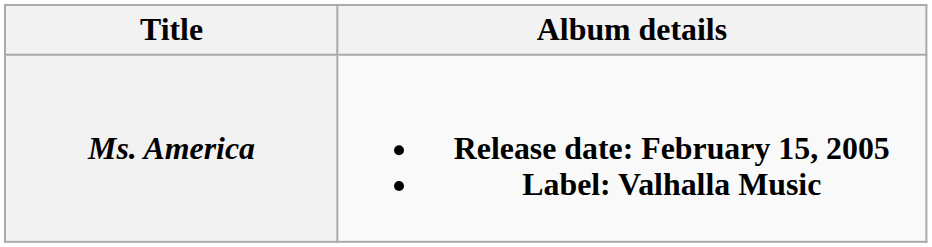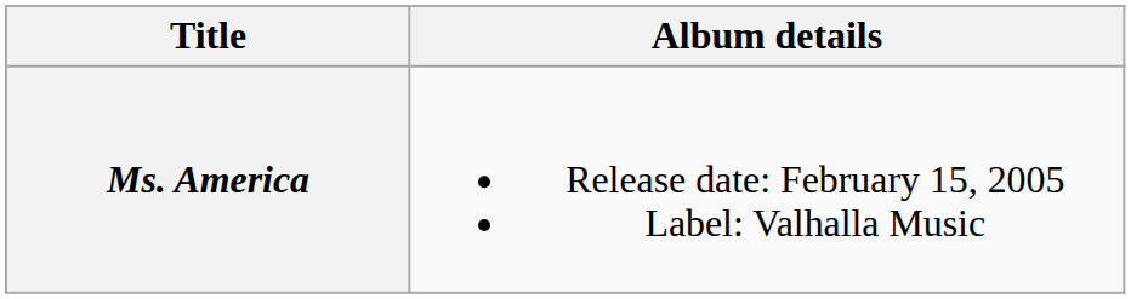 <table class="wikitable plainrowheaders" style="text-align:center;">
 <tr>
 <th style="width:10em;">Title</th>
 <th style="width:18em;">Album details</th>
 </tr>
 <tr>
 <th scope="row"><em>Ms. America</em></th>
-<td><strong><br><ul><li>Release date: February 15, 2005</li><li>Label: Valhalla Music</li></ul></strong></td>
+<td><br><ul><li>Release date: February 15, 2005</li><li>Label: Valhalla Music</li></ul></td>
 </tr>
 </table>
